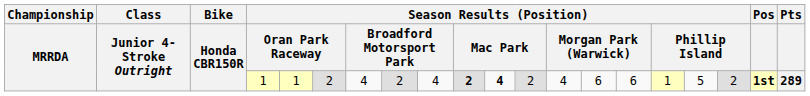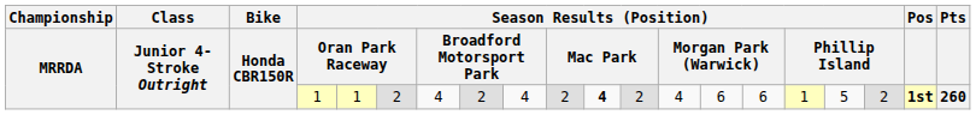 <table class="wikitable" style="text-align:center">
 <tr>
 <th>Championship</th>
 <th>Class</th>
 <th>Bike</th>
 <th colspan=15>Season Results (Position)</th>
 <th>Pos</th>
 <th>Pts</th>
 </tr>
 <tr>
 <th rowspan=2>MRRDA</th>
 <th rowspan=2>Junior 4-Stroke <br> <em>Outright</em></th>
 <th rowspan=2>Honda <br> CBR150R</th>
 <th colspan=3 width="132pt">Oran Park Raceway</th>
 <th colspan=3 width="132pt">Broadford Motorsport Park</th>
 <th colspan=3 width="132pt">Mac Park</th>
 <th colspan=3 width="132pt">Morgan Park (Warwick)</th>
 <th colspan=3 width="132pt">Phillip Island</th>
 <th></th>
 <th></th>
 </tr>
 <tr>
 <td style="background:#ffffbf;">1</td>
 <td style="background:#ffffbf;">1</td>
 <td style="background:#dfdfdf;">2</td>
 <td>4</td>
 <td style="background:#dfdfdf;">2</td>
 <td>4</td>
-<td style="background:#dfdfdf;"><strong>2</strong></td>
+<td style="background:#dfdfdf;">2</td>
 <td><strong>4</strong></td>
 <td style="background:#dfdfdf;">2</td>
 <td>4</td>
 <td>6</td>
 <td>6</td>
 <td style="background:#ffffbf;">1</td>
 <td>5</td>
 <td style="background:#dfdfdf;">2</td>
 <th style="background:#ffffbf;">1st</th>
-<th>289</th>
+<th>260</th>
 </tr>
 </table>
